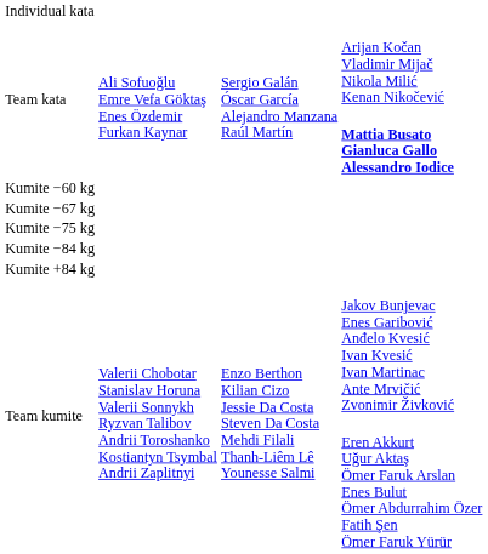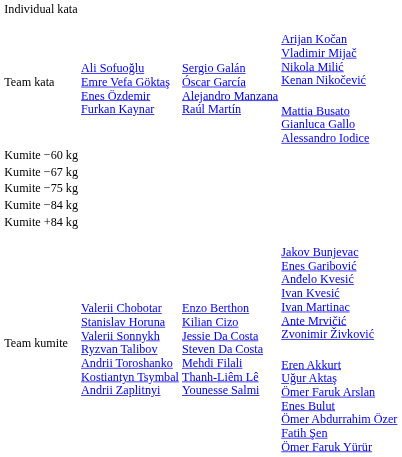 <table>
 <tr>
 <td rowspan=2>Individual kata<br></td>
 <td rowspan=2></td>
 <td rowspan=2></td>
 <td></td>
 </tr>
 <tr>
 <td></td>
 </tr>
 <tr>
 <td rowspan=2>Team kata<br></td>
 <td rowspan=2><br><a href='#'>Ali Sofuoğlu</a><br><a href='#'>Emre Vefa Göktaş</a><br><a href='#'>Enes Özdemir</a><br><a href='#'>Furkan Kaynar</a></td>
 <td rowspan=2><br><a href='#'>Sergio Galán</a><br><a href='#'>Óscar García</a><br><a href='#'>Alejandro Manzana</a><br><a href='#'>Raúl Martín</a></td>
 <td><br><a href='#'>Arijan Kočan</a><br><a href='#'>Vladimir Mijač</a><br><a href='#'>Nikola Milić</a><br><a href='#'>Kenan Nikočević</a></td>
 </tr>
 <tr>
-<td><strong><br><a href='#'>Mattia Busato</a><br><a href='#'>Gianluca Gallo</a><br><a href='#'>Alessandro Iodice</a></strong></td>
+<td><br><a href='#'>Mattia Busato</a><br><a href='#'>Gianluca Gallo</a><br><a href='#'>Alessandro Iodice</a></td>
 </tr>
 <tr>
 <td rowspan=2>Kumite −60 kg<br></td>
 <td rowspan=2></td>
 <td rowspan=2></td>
 <td></td>
 </tr>
 <tr>
 <td></td>
 </tr>
 <tr>
 <td rowspan=2>Kumite −67 kg<br></td>
 <td rowspan=2></td>
 <td rowspan=2></td>
 <td></td>
 </tr>
 <tr>
 <td></td>
 </tr>
 <tr>
 <td rowspan=2>Kumite −75 kg<br></td>
 <td rowspan=2></td>
 <td rowspan=2></td>
 <td></td>
 </tr>
 <tr>
 <td></td>
 </tr>
 <tr>
 <td rowspan=2>Kumite −84 kg<br></td>
 <td rowspan=2></td>
 <td rowspan=2></td>
 <td></td>
 </tr>
 <tr>
 <td></td>
 </tr>
 <tr>
 <td rowspan=2>Kumite +84 kg<br></td>
 <td rowspan=2></td>
 <td rowspan=2></td>
 <td></td>
 </tr>
 <tr>
 <td></td>
 </tr>
 <tr>
 <td rowspan=2>Team kumite<br></td>
 <td rowspan=2><br><a href='#'>Valerii Chobotar</a><br><a href='#'>Stanislav Horuna</a><br><a href='#'>Valerii Sonnykh</a><br><a href='#'>Ryzvan Talibov</a><br><a href='#'>Andrii Toroshanko</a><br><a href='#'>Kostiantyn Tsymbal</a><br><a href='#'>Andrii Zaplitnyi</a></td>
 <td rowspan=2><br><a href='#'>Enzo Berthon</a><br><a href='#'>Kilian Cizo</a><br><a href='#'>Jessie Da Costa</a><br><a href='#'>Steven Da Costa</a><br><a href='#'>Mehdi Filali</a><br><a href='#'>Thanh-Liêm Lê</a><br><a href='#'>Younesse Salmi</a></td>
 <td><br><a href='#'>Jakov Bunjevac</a><br><a href='#'>Enes Garibović</a><br><a href='#'>Anđelo Kvesić</a><br><a href='#'>Ivan Kvesić</a><br><a href='#'>Ivan Martinac</a><br><a href='#'>Ante Mrvičić</a><br><a href='#'>Zvonimir Živković</a></td>
 </tr>
 <tr>
 <td><br><a href='#'>Eren Akkurt</a><br><a href='#'>Uğur Aktaş</a><br><a href='#'>Ömer Faruk Arslan</a><br><a href='#'>Enes Bulut</a><br><a href='#'>Ömer Abdurrahim Özer</a><br><a href='#'>Fatih Şen</a><br><a href='#'>Ömer Faruk Yürür</a></td>
 </tr>
 </table>
